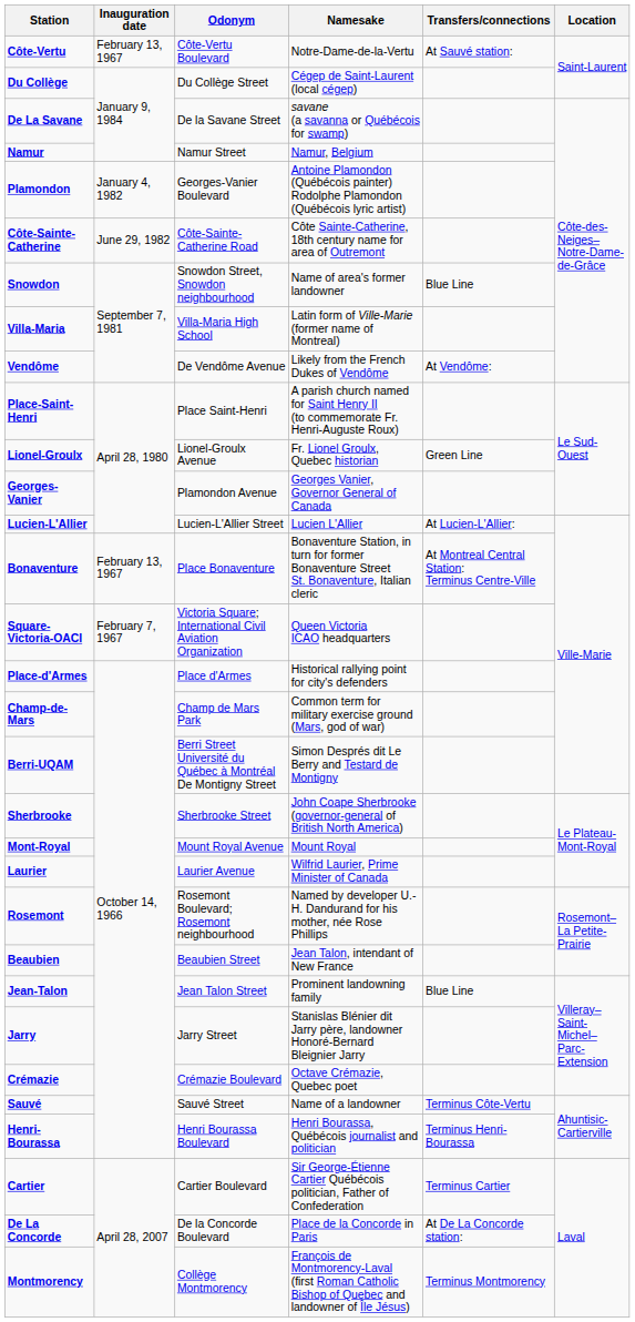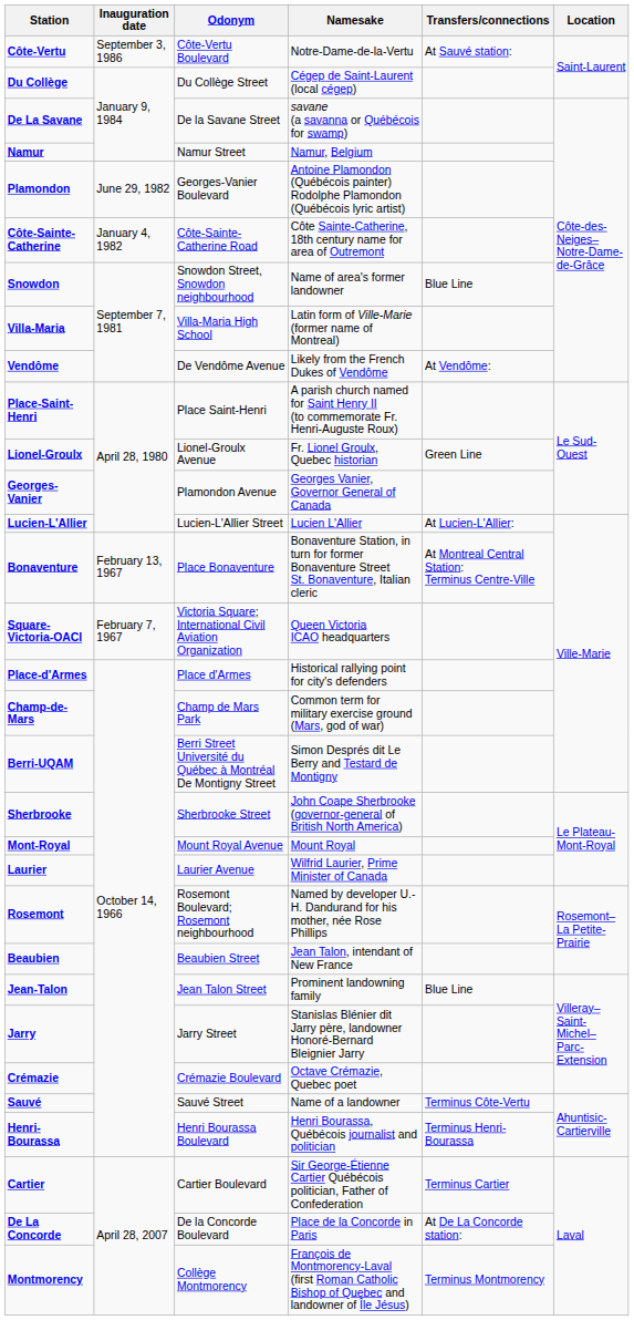 <table class="wikitable centre">
 <tr>
 <th scope=col><strong>Station</strong></th>
 <th scope=col><strong>Inauguration date</strong></th>
 <th scope=col><strong><a href='#'>Odonym</a></strong></th>
 <th scope=col><strong>Namesake</strong></th>
 <th scope=col><strong>Transfers/connections</strong></th>
 <th scope=col><strong>Location</strong></th>
 </tr>
 <tr>
 <td><strong><a href='#'>Côte-Vertu</a></strong> </td>
-<td>February 13, 1967</td>
+<td>September 3, 1986</td>
 <td><a href='#'>Côte-Vertu Boulevard</a></td>
 <td>Notre-Dame-de-la-Vertu <br></td>
 <td>At <a href='#'>Sauvé station</a>:<br></td>
 <td rowspan="2"><a href='#'>Saint-Laurent</a></td>
 </tr>
 <tr>
 <td><strong><a href='#'>Du Collège</a></strong> </td>
 <td rowspan="3">January 9, 1984</td>
 <td>Du Collège Street</td>
 <td><a href='#'>Cégep de Saint-Laurent</a> (local <a href='#'>cégep</a>)</td>
 <td></td>
 </tr>
 <tr>
 <td><strong><a href='#'>De La Savane</a></strong></td>
 <td>De la Savane Street</td>
 <td><em>savane</em>  <br> (a <a href='#'>savanna</a> or <a href='#'>Québécois</a> for <a href='#'>swamp</a>)</td>
 <td></td>
 <td rowspan="7"><a href='#'><br> Côte-des-Neiges–<br> Notre-Dame-de-Grâce</a></td>
 </tr>
 <tr>
 <td><strong><a href='#'>Namur</a></strong></td>
 <td>Namur Street</td>
 <td><a href='#'>Namur</a>, <a href='#'>Belgium</a></td>
 <td></td>
 </tr>
 <tr>
 <td><strong><a href='#'>Plamondon</a></strong></td>
-<td>January 4, 1982</td>
+<td>June 29, 1982</td>
 <td>Georges-Vanier Boulevard</td>
 <td><a href='#'>Antoine Plamondon</a> (Québécois painter) <br>  Rodolphe Plamondon (Québécois lyric artist)</td>
 </tr>
 <tr>
 <td><strong><a href='#'>Côte-Sainte-Catherine</a></strong></td>
-<td>June 29, 1982</td>
+<td>January 4, 1982</td>
 <td><a href='#'>Côte-Sainte-Catherine Road</a></td>
 <td>Côte <a href='#'>Sainte-Catherine</a>, 18th century name for area of <a href='#'>Outremont</a></td>
 <td></td>
 </tr>
 <tr>
 <td><strong><a href='#'>Snowdon</a></strong> </td>
 <td rowspan="3">September 7, 1981</td>
 <td>Snowdon Street, <a href='#'>Snowdon</a> <a href='#'>neighbourhood</a></td>
 <td>Name of area's former landowner</td>
 <td> Blue Line</td>
 </tr>
 <tr>
 <td><strong><a href='#'>Villa-Maria</a></strong> </td>
 <td><a href='#'>Villa-Maria High School</a></td>
 <td>Latin form of <em>Ville-Marie</em> (former name of Montreal)</td>
 <td></td>
 </tr>
 <tr>
 <td><strong><a href='#'>Vendôme</a></strong> </td>
 <td>De Vendôme Avenue</td>
 <td>Likely from the French Dukes of <a href='#'>Vendôme</a></td>
 <td>At <a href='#'>Vendôme</a>:<br></td>
 </tr>
 <tr>
 <td><strong><a href='#'>Place-Saint-Henri</a></strong> </td>
 <td rowspan="4">April 28, 1980</td>
 <td>Place Saint-Henri</td>
 <td>A parish church named for <a href='#'>Saint Henry II</a> <br>(to commemorate Fr. Henri-Auguste Roux)</td>
 <td></td>
 <td rowspan="3"><a href='#'>Le Sud-Ouest</a></td>
 </tr>
 <tr>
 <td><strong><a href='#'>Lionel-Groulx</a></strong> </td>
 <td>Lionel-Groulx Avenue</td>
 <td>Fr. <a href='#'>Lionel Groulx</a>, Quebec <a href='#'>historian</a></td>
 <td> Green Line</td>
 </tr>
 <tr>
 <td><strong><a href='#'>Georges-Vanier</a></strong></td>
 <td>Plamondon Avenue</td>
 <td><a href='#'>Georges Vanier</a>, <a href='#'>Governor General of Canada</a></td>
 </tr>
 <tr>
 <td><strong><a href='#'>Lucien-L'Allier</a></strong></td>
 <td>Lucien-L'Allier Street</td>
 <td><a href='#'>Lucien L'Allier</a> <br> </td>
 <td>At <a href='#'>Lucien-L'Allier</a>:<br></td>
 <td rowspan="6"><a href='#'>Ville-Marie</a></td>
 </tr>
 <tr>
 <td><strong><a href='#'>Bonaventure</a></strong> </td>
 <td>February 13, 1967</td>
 <td><a href='#'>Place Bonaventure</a></td>
 <td>Bonaventure Station, in turn for former Bonaventure Street <br> <a href='#'>St. Bonaventure</a>, Italian cleric</td>
 <td>At <a href='#'>Montreal Central Station</a>:<br>  <a href='#'>Terminus Centre-Ville</a></td>
 </tr>
 <tr>
 <td><strong><a href='#'>Square-Victoria-OACI</a></strong></td>
 <td>February 7, 1967</td>
 <td><a href='#'>Victoria Square</a>;<br><a href='#'>International Civil Aviation Organization</a></td>
 <td><a href='#'>Queen Victoria</a> <br> <a href='#'>ICAO</a> headquarters</td>
 <td></td>
 </tr>
 <tr>
 <td><strong><a href='#'>Place-d'Armes</a></strong> </td>
 <td rowspan="13">October 14, 1966</td>
 <td><a href='#'>Place d'Armes</a></td>
 <td>Historical rallying point for city's defenders</td>
 <td></td>
 </tr>
 <tr>
 <td><strong><a href='#'>Champ-de-Mars</a></strong> </td>
 <td><a href='#'>Champ de Mars Park</a></td>
 <td>Common term for military exercise ground <br> (<a href='#'>Mars</a>, god of war)</td>
 <td></td>
 </tr>
 <tr>
 <td><strong><a href='#'>Berri-UQAM</a></strong> </td>
 <td><a href='#'>Berri Street</a> <br><a href='#'>Université du Québec à Montréal</a><br>De Montigny Street</td>
 <td>Simon Després dit Le Berry and <a href='#'>Testard de Montigny</a></td>
 <td></td>
 </tr>
 <tr>
 <td><strong><a href='#'>Sherbrooke</a></strong></td>
 <td><a href='#'>Sherbrooke Street</a></td>
 <td><a href='#'>John Coape Sherbrooke</a> <br> (<a href='#'>governor-general</a> of <a href='#'>British North America</a>)</td>
 <td></td>
 <td rowspan="3"><a href='#'>Le Plateau-<br> Mont-Royal</a></td>
 </tr>
 <tr>
 <td><strong><a href='#'>Mont-Royal</a></strong> </td>
 <td><a href='#'>Mount Royal Avenue</a></td>
 <td><a href='#'>Mount Royal</a></td>
 <td></td>
 </tr>
 <tr>
 <td><strong><a href='#'>Laurier</a></strong></td>
 <td><a href='#'>Laurier Avenue</a></td>
 <td><a href='#'>Wilfrid Laurier</a>, <a href='#'>Prime Minister of Canada</a></td>
 <td></td>
 </tr>
 <tr>
 <td><strong><a href='#'>Rosemont</a></strong> </td>
 <td>Rosemont Boulevard; <a href='#'>Rosemont</a> neighbourhood</td>
 <td>Named by developer U.-H. Dandurand for his mother, née Rose Phillips</td>
 <td></td>
 <td rowspan="2"><a href='#'>Rosemont– <br> La Petite-Prairie</a></td>
 </tr>
 <tr>
 <td><strong><a href='#'>Beaubien</a></strong></td>
 <td><a href='#'>Beaubien Street</a></td>
 <td><a href='#'>Jean Talon</a>, intendant of New France</td>
 <td></td>
 </tr>
 <tr>
 <td><strong><a href='#'>Jean-Talon</a></strong> </td>
 <td><a href='#'>Jean Talon Street</a></td>
 <td>Prominent landowning family</td>
 <td> Blue Line</td>
 <td rowspan="3"><a href='#'>Villeray– <br> Saint-Michel–<br> Parc-Extension</a></td>
 </tr>
 <tr>
 <td><strong><a href='#'>Jarry</a></strong></td>
 <td>Jarry Street</td>
 <td>Stanislas Blénier dit Jarry père, landowner <br> Honoré-Bernard Bleignier Jarry</td>
 <td></td>
 </tr>
 <tr>
 <td><strong><a href='#'>Crémazie</a></strong></td>
 <td><a href='#'>Crémazie Boulevard</a></td>
 <td><a href='#'>Octave Crémazie</a>, Quebec poet</td>
 <td></td>
 </tr>
 <tr>
 <td><strong><a href='#'>Sauvé</a></strong></td>
 <td>Sauvé Street</td>
 <td>Name of a landowner</td>
 <td> <a href='#'>Terminus Côte-Vertu</a></td>
 <td rowspan="2"><a href='#'>Ahuntisic-<br> Cartierville</a></td>
 </tr>
 <tr>
 <td><strong><a href='#'>Henri-Bourassa</a></strong> </td>
 <td><a href='#'>Henri Bourassa Boulevard</a></td>
 <td><a href='#'>Henri Bourassa</a>, Québécois <a href='#'>journalist</a> and <a href='#'>politician</a></td>
 <td> <a href='#'>Terminus Henri-Bourassa</a></td>
 </tr>
 <tr>
 <td><strong><a href='#'>Cartier</a></strong> </td>
 <td rowspan="3">April 28, 2007</td>
 <td>Cartier Boulevard</td>
 <td><a href='#'>Sir George-Étienne Cartier</a> Québécois politician, Father of Confederation</td>
 <td> <a href='#'>Terminus Cartier</a></td>
 <td rowspan="3"><a href='#'>Laval</a></td>
 </tr>
 <tr>
 <td><strong><a href='#'>De La Concorde</a></strong> </td>
 <td>De la Concorde Boulevard</td>
 <td><a href='#'>Place de la Concorde</a> in <a href='#'>Paris</a></td>
 <td>At <a href='#'>De La Concorde station</a>:<br></td>
 </tr>
 <tr>
 <td><strong><a href='#'>Montmorency</a></strong> </td>
 <td><a href='#'>Collège Montmorency</a></td>
 <td><a href='#'>François de Montmorency-Laval</a> <br> (first <a href='#'>Roman Catholic Bishop of Quebec</a> and landowner of <a href='#'>Île Jésus</a>)</td>
 <td> <a href='#'>Terminus Montmorency</a></td>
 </tr>
 </table>
